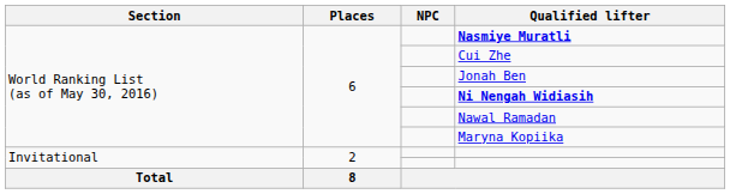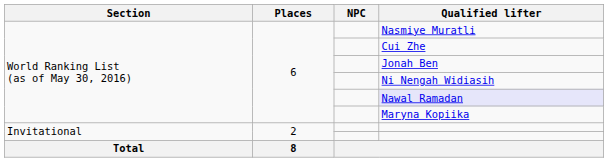 <table class="wikitable"  width=750>
 <tr>
 <th>Section</th>
 <th>Places</th>
 <th>NPC</th>
 <th>Qualified lifter</th>
 </tr>
 <tr>
 <td rowspan=6>World Ranking List<br>(as of May 30, 2016)</td>
 <td rowspan=6 align=center>6</td>
 <td></td>
-<td><strong><a href='#'>Nasmiye Muratli</a></strong></td>
+<td><a href='#'>Nasmiye Muratli</a></td>
 </tr>
 <tr>
 <td></td>
 <td><a href='#'>Cui Zhe</a></td>
 </tr>
 <tr>
 <td></td>
 <td><a href='#'>Jonah Ben</a></td>
 </tr>
 <tr>
 <td></td>
-<td><strong><a href='#'>Ni Nengah Widiasih</a></strong></td>
+<td><a href='#'>Ni Nengah Widiasih</a></td>
 </tr>
 <tr>
 <td></td>
-<td><a href='#'>Nawal Ramadan</a></td>
+<td style="background: lavender;"><a href='#'>Nawal Ramadan</a></td>
 </tr>
 <tr>
 <td></td>
 <td><a href='#'>Maryna Kopiika</a></td>
 </tr>
 <tr>
 <td rowspan=2>Invitational</td>
 <td rowspan="2" align=center>2</td>
 <td></td>
 <td></td>
 </tr>
 <tr>
 <td></td>
 <td></td>
 </tr>
 <tr>
 <th>Total</th>
 <th>8</th>
 <th colspan=2></th>
 </tr>
 </table>
